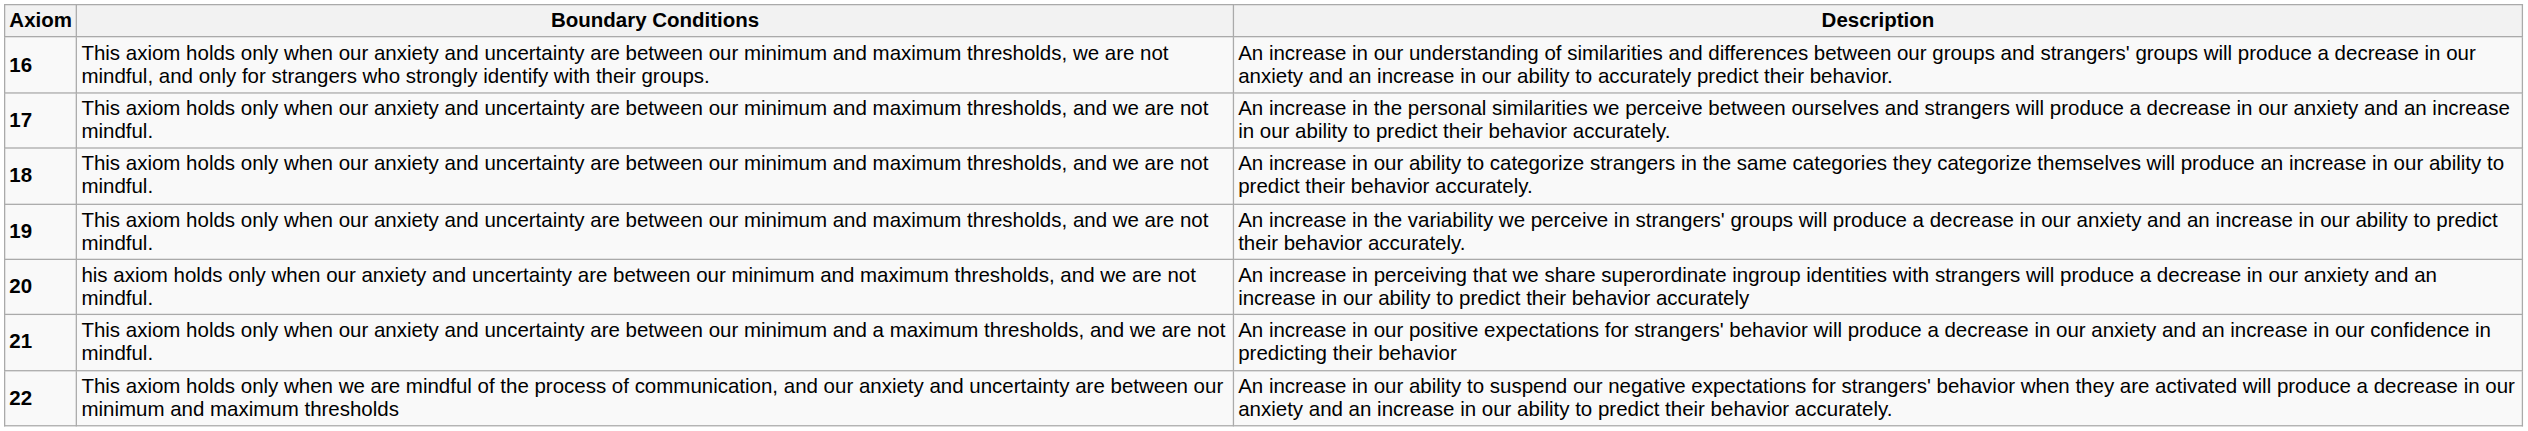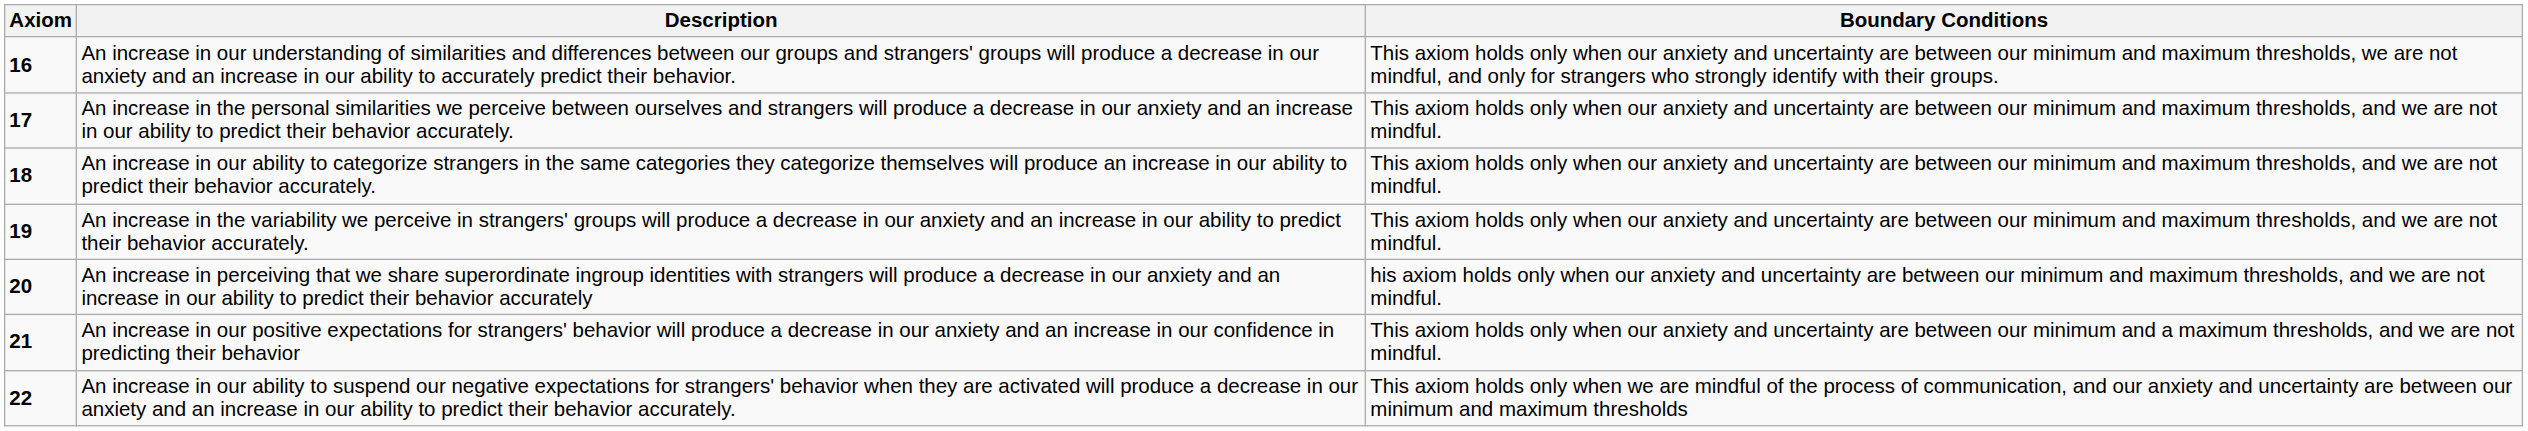 <table class="wikitable">
 <tr>
 <th>Axiom</th>
+<th>Description</th>
 <th>Boundary Conditions</th>
-<th>Description</th>
 </tr>
 <tr>
 <td><strong>16</strong></td>
+<td>An increase in our understanding of similarities and differences between our groups and strangers' groups will produce a decrease in our anxiety and an increase in our ability to accurately predict their behavior.</td>
 <td>This axiom holds only when our anxiety and uncertainty are between our minimum and maximum thresholds, we are not mindful, and only for strangers who strongly identify with their groups.</td>
-<td>An increase in our understanding of similarities and differences between our groups and strangers' groups will produce a decrease in our anxiety and an increase in our ability to accurately predict their behavior.</td>
 </tr>
 <tr>
 <td><strong>17</strong></td>
+<td>An increase in the personal similarities we perceive between ourselves and strangers will produce a decrease in our anxiety and an increase in our ability to predict their behavior accurately.</td>
 <td>This axiom holds only when our anxiety and uncertainty are between our minimum and maximum thresholds, and we are not mindful.</td>
-<td>An increase in the personal similarities we perceive between ourselves and strangers will produce a decrease in our anxiety and an increase in our ability to predict their behavior accurately.</td>
 </tr>
 <tr>
 <td><strong>18</strong></td>
+<td>An increase in our ability to categorize strangers in the same categories they categorize themselves will produce an increase in our ability to predict their behavior accurately.</td>
 <td>This axiom holds only when our anxiety and uncertainty are between our minimum and maximum thresholds, and we are not mindful.</td>
-<td>An increase in our ability to categorize strangers in the same categories they categorize themselves will produce an increase in our ability to predict their behavior accurately.</td>
 </tr>
 <tr>
 <td><strong>19</strong></td>
+<td>An increase in the variability we perceive in strangers' groups will produce a decrease in our anxiety and an increase in our ability to predict their behavior accurately.</td>
 <td>This axiom holds only when our anxiety and uncertainty are between our minimum and maximum thresholds, and we are not mindful.</td>
-<td>An increase in the variability we perceive in strangers' groups will produce a decrease in our anxiety and an increase in our ability to predict their behavior accurately.</td>
 </tr>
 <tr>
 <td><strong>20</strong></td>
+<td>An increase in perceiving that we share superordinate ingroup identities with strangers will produce a decrease in our anxiety and an increase in our ability to predict their behavior accurately</td>
 <td>his axiom holds only when our anxiety and uncertainty are between our minimum and maximum thresholds, and we are not mindful.</td>
-<td>An increase in perceiving that we share superordinate ingroup identities with strangers will produce a decrease in our anxiety and an increase in our ability to predict their behavior accurately</td>
 </tr>
 <tr>
 <td><strong>21</strong></td>
+<td>An increase in our positive expectations for strangers' behavior will produce a decrease in our anxiety and an increase in our confidence in predicting their behavior</td>
 <td>This axiom holds only when our anxiety and uncertainty are between our minimum and a maximum thresholds, and we are not mindful.</td>
-<td>An increase in our positive expectations for strangers' behavior will produce a decrease in our anxiety and an increase in our confidence in predicting their behavior</td>
 </tr>
 <tr>
 <td><strong>22</strong></td>
+<td>An increase in our ability to suspend our negative expectations for strangers' behavior when they are activated will produce a decrease in our anxiety and an increase in our ability to predict their behavior accurately.</td>
 <td>This axiom holds only when we are mindful of the process of communication, and our anxiety and uncertainty are between our minimum and maximum thresholds</td>
-<td>An increase in our ability to suspend our negative expectations for strangers' behavior when they are activated will produce a decrease in our anxiety and an increase in our ability to predict their behavior accurately.</td>
 </tr>
 </table>
